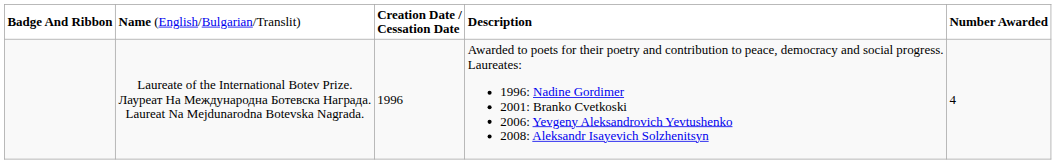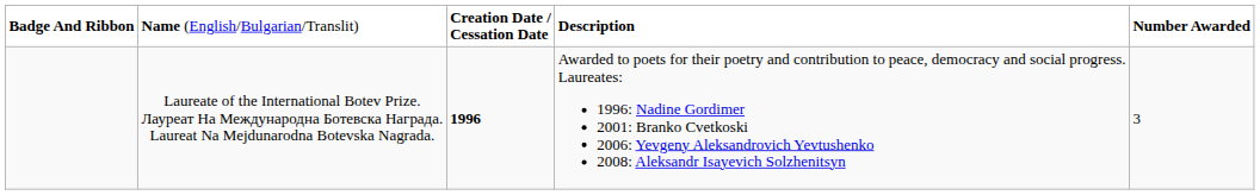 <table class="wikitable">
 <tr bgcolor="#FFFFFF">
 <td><strong>Badge And Ribbon</strong></td>
 <td><strong>Name</strong> (<a href='#'>English</a>/<a href='#'>Bulgarian</a>/Translit)</td>
 <td><strong>Creation Date /<br>Cessation Date</strong></td>
 <td><strong>Description</strong></td>
 <td><strong>Number Awarded</strong></td>
 </tr>
 <tr>
 <td></td>
 <td style="text-align:center;">Laureate of the International Botev Prize.<br>Лауреат На Международна Ботевска Награда.<br>Laureat Na Mejdunarodna Botevska Nagrada.</td>
-<td>1996</td>
+<td><strong>1996</strong></td>
 <td>Awarded to poets for their poetry and contribution to peace, democracy and social progress.<br>Laureates:<br><ul><li>1996: <a href='#'>Nadine Gordimer</a> </li><li>2001: Branko Cvetkoski </li><li>2006: <a href='#'>Yevgeny Aleksandrovich Yevtushenko</a> </li><li>2008: <a href='#'>Aleksandr Isayevich Solzhenitsyn</a> </li></ul></td>
-<td>4</td>
+<td>3</td>
 </tr>
 </table>
